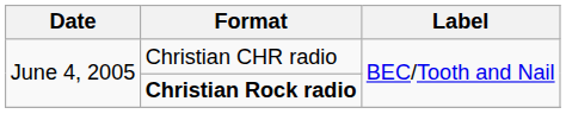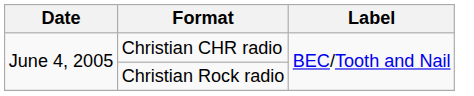 <table class="wikitable sortable plainrowheaders">
 <tr>
 <th scope="col">Date</th>
 <th scope="col">Format</th>
 <th scope="col">Label</th>
 </tr>
 <tr>
 <td rowspan="2">June 4, 2005</td>
 <td>Christian CHR radio</td>
 <td rowspan="2"><a href='#'>BEC</a>/<a href='#'>Tooth and Nail</a></td>
 </tr>
 <tr>
-<td><strong>Christian Rock radio</strong></td>
+<td>Christian Rock radio</td>
 </tr>
 <tr>
 </tr>
 </table>
